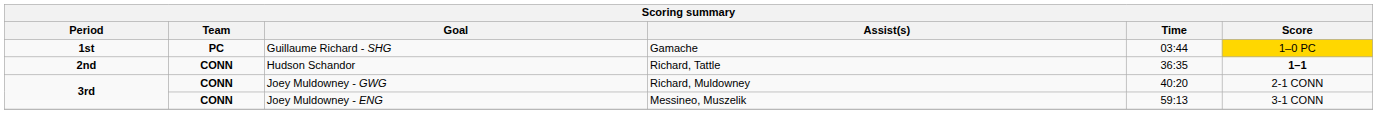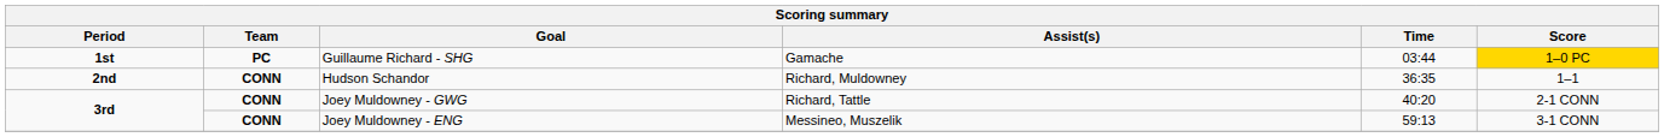 <table style="width:100%;" class="wikitable">
 <tr>
 <th colspan=6>Scoring summary</th>
 </tr>
 <tr>
 <th style="width:12%;">Period</th>
 <th style="width:7%;">Team</th>
 <th style="width:28%;">Goal</th>
 <th style="width:35%;">Assist(s)</th>
 <th style="width:7%;">Time</th>
 <th style="width:11%;">Score</th>
 </tr>
 <tr>
 <td style="text-align:center;" rowspan="1"><strong>1st</strong></td>
 <td align=center><strong>PC</strong></td>
 <td>Guillaume Richard - <em>SHG</em></td>
 <td>Gamache</td>
 <td align=center>03:44</td>
 <td align=center style="background: gold;">1–0 PC</td>
 </tr>
 <tr>
 <td style="text-align:center;" rowspan="1"><strong>2nd</strong></td>
 <td align=center><strong>CONN</strong></td>
 <td>Hudson Schandor</td>
-<td>Richard, Tattle</td>
+<td>Richard, Muldowney</td>
 <td align=center>36:35</td>
-<td align=center><strong>1–1</strong></td>
+<td align=center>1–1</td>
 </tr>
 <tr>
 <td style="text-align:center;" rowspan="2"><strong>3rd</strong></td>
 <td align=center><strong>CONN</strong></td>
 <td>Joey Muldowney - <em>GWG</em></td>
-<td>Richard, Muldowney</td>
+<td>Richard, Tattle</td>
 <td align=center>40:20</td>
 <td align=center>2-1 CONN</td>
 </tr>
 <tr>
 <td align=center><strong>CONN</strong></td>
 <td>Joey Muldowney - <em>ENG</em></td>
 <td>Messineo, Muszelik</td>
 <td align=center>59:13</td>
 <td align=center>3-1 CONN</td>
 </tr>
 <tr>
 </tr>
 </table>
